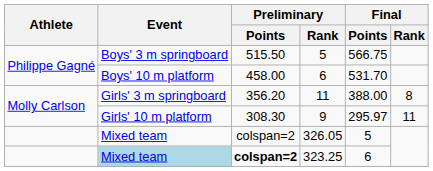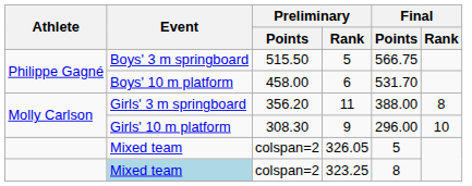 <table class="wikitable" style="font-size:90%;">
 <tr>
 <th rowspan=2>Athlete</th>
 <th rowspan=2>Event</th>
 <th colspan=2>Preliminary</th>
 <th colspan=2>Final</th>
 </tr>
 <tr>
 <th>Points</th>
 <th>Rank</th>
 <th>Points</th>
 <th>Rank</th>
 </tr>
 <tr align=center>
 <td align=left rowspan=2><a href='#'>Philippe Gagné</a></td>
 <td align=left><a href='#'>Boys' 3 m springboard</a></td>
 <td>515.50</td>
 <td>5</td>
 <td>566.75</td>
 <td></td>
 </tr>
 <tr align=center>
 <td align=left><a href='#'>Boys' 10 m platform</a></td>
 <td>458.00</td>
 <td>6</td>
 <td>531.70</td>
 <td></td>
 </tr>
 <tr align=center>
 <td align=left rowspan=2><a href='#'>Molly Carlson</a></td>
 <td align=left><a href='#'>Girls' 3 m springboard</a></td>
 <td>356.20</td>
 <td>11</td>
 <td>388.00</td>
 <td>8</td>
 </tr>
 <tr align=center>
 <td align=left><a href='#'>Girls' 10 m platform</a></td>
 <td>308.30</td>
 <td>9</td>
-<td>295.97</td>
-<td>11</td>
+<td>296.00</td>
+<td>10</td>
 </tr>
 <tr align=center>
 <td align=left><br></td>
 <td align=left><a href='#'>Mixed team</a></td>
 <td>colspan=2 </td>
 <td>326.05</td>
 <td>5</td>
 </tr>
 <tr align=center>
 <td align=left><br></td>
 <td align=left style="background: lightblue;"><a href='#'>Mixed team</a></td>
-<td><strong>colspan=2 </strong></td>
+<td>colspan=2 </td>
 <td>323.25</td>
-<td>6</td>
+<td>8</td>
 </tr>
 </table>
